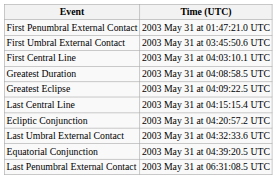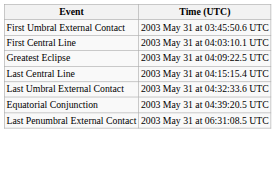 <table class="wikitable">
 <tr>
 <th>Event</th>
 <th>Time (UTC)</th>
-</tr>
-<tr>
-<td>First Penumbral External Contact</td>
-<td>2003 May 31 at 01:47:21.0 UTC</td>
 </tr>
 <tr>
 <td>First Umbral External Contact</td>
 <td>2003 May 31 at 03:45:50.6 UTC</td>
 </tr>
 <tr>
 <td>First Central Line</td>
 <td>2003 May 31 at 04:03:10.1 UTC</td>
 </tr>
 <tr>
-<td>Greatest Duration</td>
-<td>2003 May 31 at 04:08:58.5 UTC</td>
-</tr>
-<tr>
 <td>Greatest Eclipse</td>
 <td>2003 May 31 at 04:09:22.5 UTC</td>
 </tr>
 <tr>
 <td>Last Central Line</td>
 <td>2003 May 31 at 04:15:15.4 UTC</td>
-</tr>
-<tr>
-<td>Ecliptic Conjunction</td>
-<td>2003 May 31 at 04:20:57.2 UTC</td>
 </tr>
 <tr>
 <td>Last Umbral External Contact</td>
 <td>2003 May 31 at 04:32:33.6 UTC</td>
 </tr>
 <tr>
 <td>Equatorial Conjunction</td>
 <td>2003 May 31 at 04:39:20.5 UTC</td>
 </tr>
 <tr>
 <td>Last Penumbral External Contact</td>
 <td>2003 May 31 at 06:31:08.5 UTC</td>
 </tr>
 </table>
